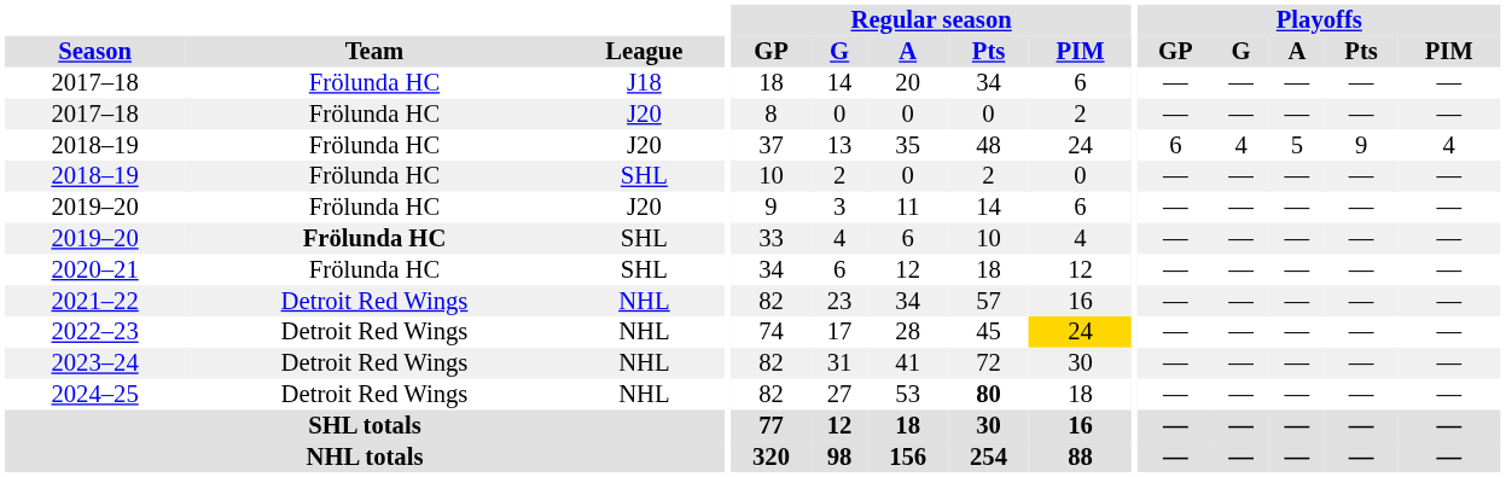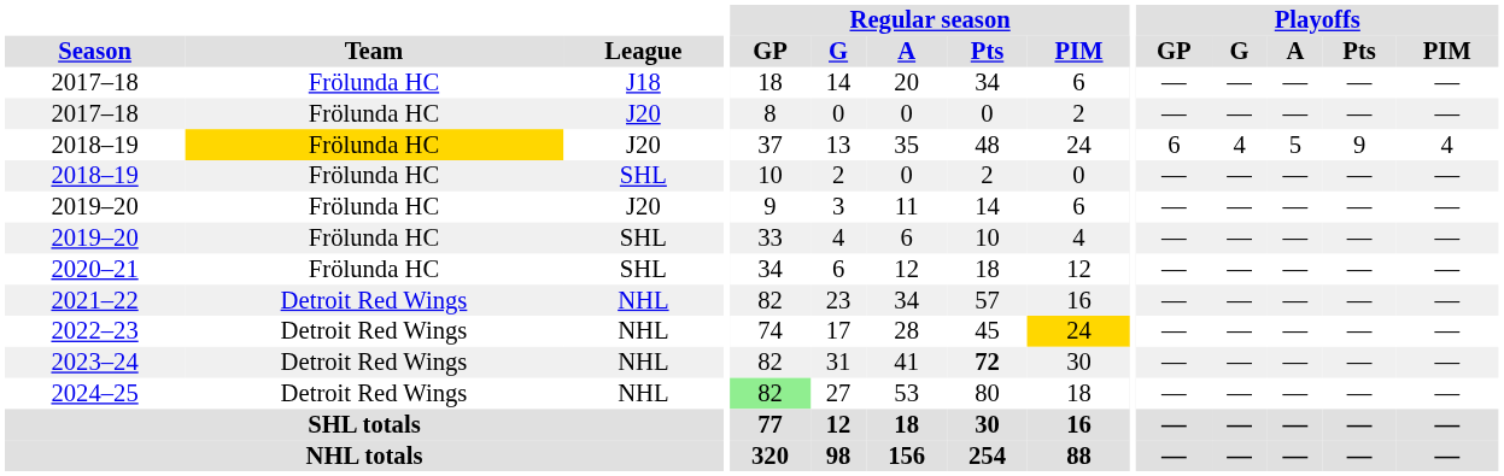 <table border="0" cellpadding="1" cellspacing="0" style="text-align:center; width:60em;">
 <tr bgcolor="#e0e0e0">
 <th colspan="3" bgcolor="#ffffff"></th>
 <th rowspan="102" bgcolor="#ffffff"></th>
 <th colspan="5"><a href='#'>Regular season</a></th>
 <th rowspan="102" bgcolor="#ffffff"></th>
 <th colspan="5"><a href='#'>Playoffs</a></th>
 </tr>
 <tr bgcolor="#e0e0e0">
 <th><a href='#'>Season</a></th>
 <th>Team</th>
 <th>League</th>
 <th>GP</th>
 <th><a href='#'>G</a></th>
 <th><a href='#'>A</a></th>
 <th><a href='#'>Pts</a></th>
 <th><a href='#'>PIM</a></th>
 <th>GP</th>
 <th>G</th>
 <th>A</th>
 <th>Pts</th>
 <th>PIM</th>
 </tr>
 <tr>
 <td>2017–18</td>
 <td><a href='#'>Frölunda HC</a></td>
 <td><a href='#'>J18</a></td>
 <td>18</td>
 <td>14</td>
 <td>20</td>
 <td>34</td>
 <td>6</td>
 <td>—</td>
 <td>—</td>
 <td>—</td>
 <td>—</td>
 <td>—</td>
 </tr>
 <tr bgcolor="#f0f0f0">
 <td>2017–18</td>
 <td>Frölunda HC</td>
 <td><a href='#'>J20</a></td>
 <td>8</td>
 <td>0</td>
 <td>0</td>
 <td>0</td>
 <td>2</td>
 <td>—</td>
 <td>—</td>
 <td>—</td>
 <td>—</td>
 <td>—</td>
 </tr>
 <tr>
 <td>2018–19</td>
-<td>Frölunda HC</td>
+<td style="background: gold;">Frölunda HC</td>
 <td>J20</td>
 <td>37</td>
 <td>13</td>
 <td>35</td>
 <td>48</td>
 <td>24</td>
 <td>6</td>
 <td>4</td>
 <td>5</td>
 <td>9</td>
 <td>4</td>
 </tr>
 <tr bgcolor="#f0f0f0">
 <td><a href='#'>2018–19</a></td>
 <td>Frölunda HC</td>
 <td><a href='#'>SHL</a></td>
 <td>10</td>
 <td>2</td>
 <td>0</td>
 <td>2</td>
 <td>0</td>
 <td>—</td>
 <td>—</td>
 <td>—</td>
 <td>—</td>
 <td>—</td>
 </tr>
 <tr>
 <td>2019–20</td>
 <td>Frölunda HC</td>
 <td>J20</td>
 <td>9</td>
 <td>3</td>
 <td>11</td>
 <td>14</td>
 <td>6</td>
 <td>—</td>
 <td>—</td>
 <td>—</td>
 <td>—</td>
 <td>—</td>
 </tr>
 <tr bgcolor="#f0f0f0">
 <td><a href='#'>2019–20</a></td>
-<td><strong>Frölunda HC</strong></td>
+<td>Frölunda HC</td>
 <td>SHL</td>
 <td>33</td>
 <td>4</td>
 <td>6</td>
 <td>10</td>
 <td>4</td>
 <td>—</td>
 <td>—</td>
 <td>—</td>
 <td>—</td>
 <td>—</td>
 </tr>
 <tr>
 <td><a href='#'>2020–21</a></td>
 <td>Frölunda HC</td>
 <td>SHL</td>
 <td>34</td>
 <td>6</td>
 <td>12</td>
 <td>18</td>
 <td>12</td>
 <td>—</td>
 <td>—</td>
 <td>—</td>
 <td>—</td>
 <td>—</td>
 </tr>
 <tr bgcolor="#f0f0f0">
 <td><a href='#'>2021–22</a></td>
 <td><a href='#'>Detroit Red Wings</a></td>
 <td><a href='#'>NHL</a></td>
 <td>82</td>
 <td>23</td>
 <td>34</td>
 <td>57</td>
 <td>16</td>
 <td>—</td>
 <td>—</td>
 <td>—</td>
 <td>—</td>
 <td>—</td>
 </tr>
 <tr>
 <td><a href='#'>2022–23</a></td>
 <td>Detroit Red Wings</td>
 <td>NHL</td>
 <td>74</td>
 <td>17</td>
 <td>28</td>
 <td>45</td>
 <td style="background: gold;">24</td>
 <td>—</td>
 <td>—</td>
 <td>—</td>
 <td>—</td>
 <td>—</td>
 </tr>
 <tr bgcolor="#f0f0f0">
 <td><a href='#'>2023–24</a></td>
 <td>Detroit Red Wings</td>
 <td>NHL</td>
 <td>82</td>
 <td>31</td>
 <td>41</td>
-<td>72</td>
+<td><strong>72</strong></td>
 <td>30</td>
 <td>—</td>
 <td>—</td>
 <td>—</td>
 <td>—</td>
 <td>—</td>
 </tr>
 <tr>
 <td><a href='#'>2024–25</a></td>
 <td>Detroit Red Wings</td>
 <td>NHL</td>
-<td>82</td>
+<td style="background: lightgreen;">82</td>
 <td>27</td>
 <td>53</td>
-<td><strong>80</strong></td>
+<td>80</td>
 <td>18</td>
 <td>—</td>
 <td>—</td>
 <td>—</td>
 <td>—</td>
 <td>—</td>
 </tr>
 <tr bgcolor="#e0e0e0">
 <th colspan="3">SHL totals</th>
 <th>77</th>
 <th>12</th>
 <th>18</th>
 <th>30</th>
 <th>16</th>
 <th>—</th>
 <th>—</th>
 <th>—</th>
 <th>—</th>
 <th>—</th>
 </tr>
 <tr bgcolor="#e0e0e0">
 <th colspan="3">NHL totals</th>
 <th>320</th>
 <th>98</th>
 <th>156</th>
 <th>254</th>
 <th>88</th>
 <th>—</th>
 <th>—</th>
 <th>—</th>
 <th>—</th>
 <th>—</th>
 </tr>
 </table>
